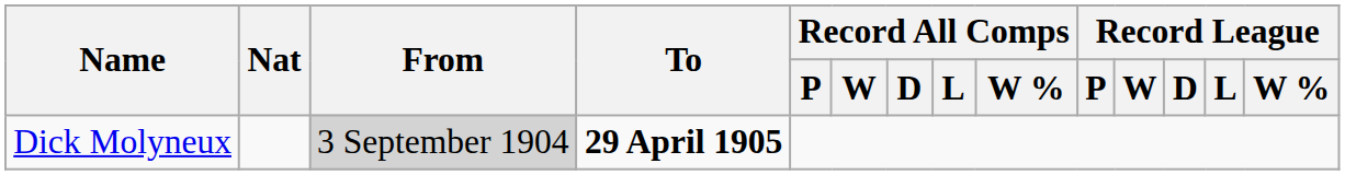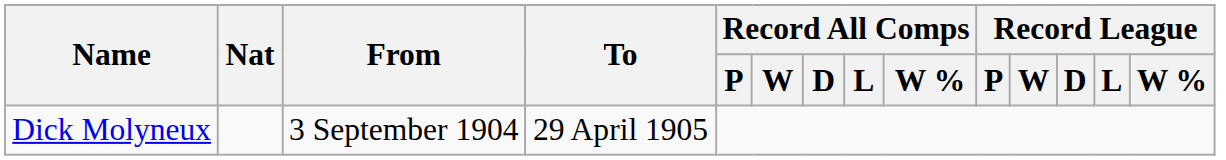 <table class="wikitable" style="text-align: center">
 <tr>
 <th rowspan="2">Name</th>
 <th rowspan="2">Nat</th>
 <th rowspan="2">From</th>
 <th rowspan="2">To</th>
 <th colspan="5">Record All Comps</th>
 <th colspan="5">Record League</th>
 </tr>
 <tr>
 <th>P</th>
 <th>W</th>
 <th>D</th>
 <th>L</th>
 <th>W %</th>
 <th>P</th>
 <th>W</th>
 <th>D</th>
 <th>L</th>
 <th>W %</th>
 </tr>
 <tr>
 <td style="text-align:left;"><a href='#'>Dick Molyneux</a></td>
 <td></td>
-<td align=left style="background: lightgrey;">3 September 1904</td>
-<td align=left><strong>29 April 1905<br> </strong></td>
+<td align=left>3 September 1904</td>
+<td align=left>29 April 1905<br> </td>
 </tr>
 </table>
